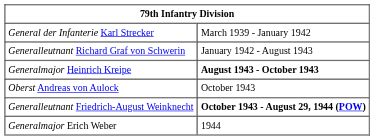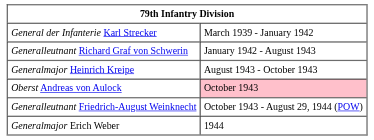 <table align="center" border="1" cellspacing="0" cellpadding="5">
 <tr>
 <td colspan="3" align="center"><strong>79th Infantry Division</strong></td>
 </tr>
 <tr>
 <td><em>General der Infanterie</em> <a href='#'>Karl Strecker</a></td>
 <td>March 1939 - January 1942</td>
 </tr>
 <tr>
 <td><em>Generalleutnant</em> <a href='#'>Richard Graf von Schwerin</a></td>
 <td>January 1942 - August 1943</td>
 </tr>
 <tr>
 <td><em>Generalmajor</em> <a href='#'>Heinrich Kreipe</a></td>
-<td><strong>August 1943 - October 1943</strong></td>
+<td>August 1943 - October 1943</td>
 </tr>
 <tr>
 <td><em>Oberst</em> <a href='#'>Andreas von Aulock</a></td>
-<td>October 1943</td>
+<td style="background: pink;">October 1943</td>
 </tr>
 <tr>
 <td><em>Generalleutnant</em> <a href='#'>Friedrich-August Weinknecht</a></td>
-<td><strong>October 1943 - August 29, 1944 (<a href='#'>POW</a>)</strong></td>
+<td>October 1943 - August 29, 1944 (<a href='#'>POW</a>)</td>
 </tr>
 <tr>
 <td><em>Generalmajor</em> Erich Weber</td>
 <td>1944</td>
 </tr>
 <tr>
 </tr>
 </table>
